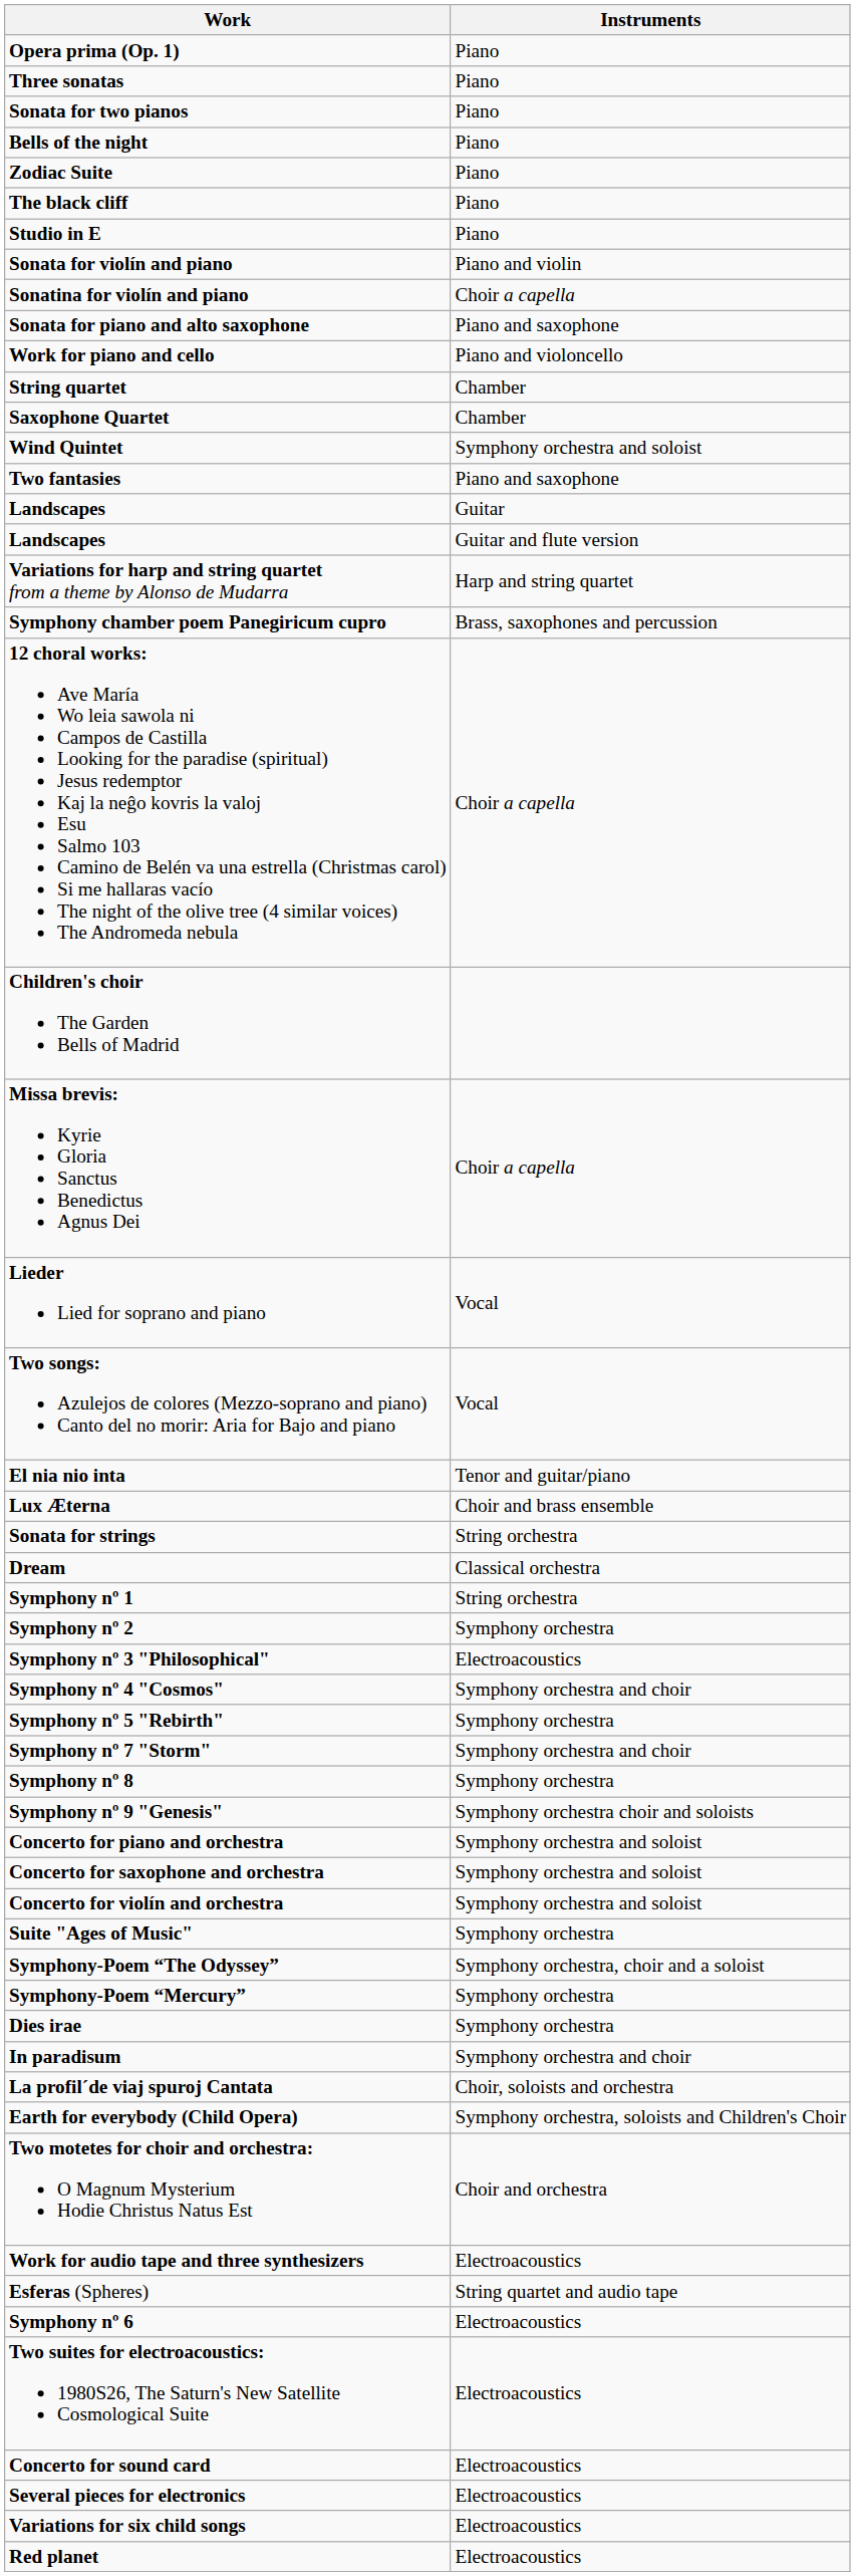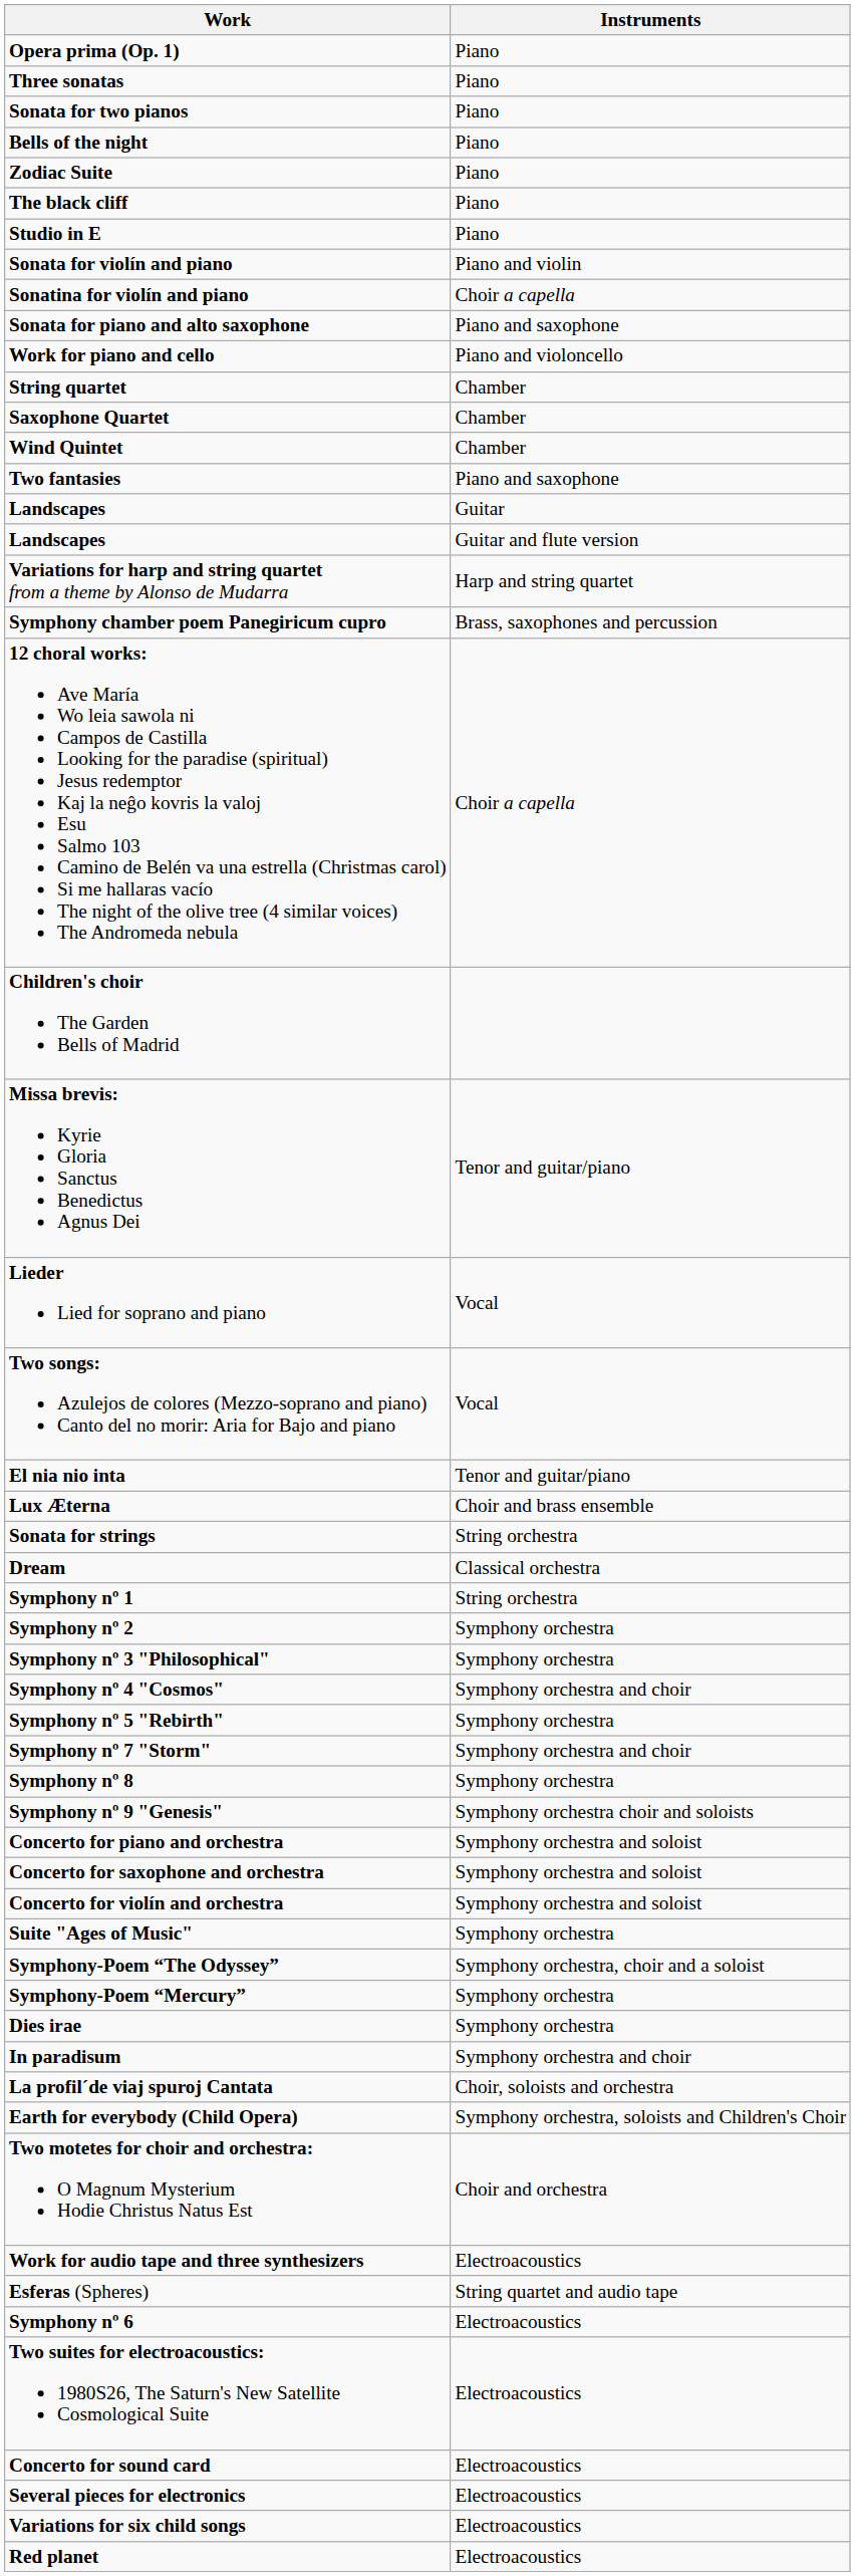 <table class="sortable wikitable">
 <tr>
 <th>Work</th>
 <th>Instruments</th>
 </tr>
 <tr>
 <td><strong>Opera prima (Op. 1)</strong></td>
 <td>Piano</td>
 </tr>
 <tr>
 <td><strong>Three sonatas</strong></td>
 <td>Piano</td>
 </tr>
 <tr>
 <td><strong>Sonata for two pianos</strong></td>
 <td>Piano</td>
 </tr>
 <tr>
 <td><strong>Bells of the night</strong></td>
 <td>Piano</td>
 </tr>
 <tr>
 <td><strong>Zodiac Suite</strong></td>
 <td>Piano</td>
 </tr>
 <tr>
 <td><strong>The black cliff</strong></td>
 <td>Piano</td>
 </tr>
 <tr>
 <td><strong>Studio in E</strong></td>
 <td>Piano</td>
 </tr>
 <tr>
 <td><strong>Sonata for violín and piano</strong></td>
 <td>Piano and violin</td>
 </tr>
 <tr>
 <td><strong>Sonatina for violín and piano</strong></td>
 <td>Choir <em>a capella</em></td>
 </tr>
 <tr>
 <td><strong>Sonata for piano and alto saxophone</strong></td>
 <td>Piano and saxophone</td>
 </tr>
 <tr>
 <td><strong>Work for piano and cello</strong></td>
 <td>Piano and violoncello</td>
 </tr>
 <tr>
 <td><strong>String quartet</strong></td>
 <td>Chamber</td>
 </tr>
 <tr>
 <td><strong>Saxophone Quartet</strong></td>
 <td>Chamber</td>
 </tr>
 <tr>
 <td><strong>Wind Quintet</strong></td>
-<td>Symphony orchestra and soloist</td>
+<td>Chamber</td>
 </tr>
 <tr>
 <td><strong>Two fantasies</strong></td>
 <td>Piano and saxophone</td>
 </tr>
 <tr>
 <td><strong>Landscapes</strong></td>
 <td>Guitar</td>
 </tr>
 <tr>
 <td><strong>Landscapes</strong></td>
 <td>Guitar and flute version</td>
 </tr>
 <tr>
 <td><strong>Variations for harp and string quartet</strong><br><em>from a theme by Alonso de Mudarra</em></td>
 <td>Harp and string quartet</td>
 </tr>
 <tr>
 <td><strong>Symphony chamber poem Panegiricum cupro</strong></td>
 <td>Brass, saxophones and percussion</td>
 </tr>
 <tr>
 <td><strong>12 choral works:</strong><br><ul><li>Ave María</li><li>Wo leia sawola ni</li><li>Campos de Castilla</li><li>Looking for the paradise (spiritual)</li><li>Jesus redemptor</li><li>Kaj la neĝo kovris la valoj</li><li>Esu</li><li>Salmo 103</li><li>Camino de Belén va una estrella (Christmas carol)</li><li>Si me hallaras vacío</li><li>The night of the olive tree (4 similar voices)</li><li>The Andromeda nebula</li></ul></td>
 <td>Choir <em>a capella</em></td>
 </tr>
 <tr>
 <td><strong>Children's choir</strong><br><ul><li>The Garden</li><li>Bells of Madrid</li></ul></td>
 </tr>
 <tr>
 <td><strong>Missa brevis:</strong><br><ul><li>Kyrie</li><li>Gloria</li><li>Sanctus</li><li>Benedictus</li><li>Agnus Dei</li></ul></td>
-<td>Choir <em>a capella</em></td>
+<td>Tenor and guitar/piano</td>
 </tr>
 <tr>
 <td><strong>Lieder</strong><br><ul><li>Lied for soprano and piano</li></ul></td>
 <td>Vocal</td>
 </tr>
 <tr>
 <td><strong>Two songs:</strong><br><ul><li>Azulejos de colores (Mezzo-soprano and piano)</li><li>Canto del no morir: Aria for Bajo and piano</li></ul></td>
 <td>Vocal</td>
 </tr>
 <tr>
 <td><strong>El nia nio inta</strong></td>
 <td>Tenor and guitar/piano</td>
 </tr>
 <tr>
 <td><strong>Lux Æterna</strong></td>
 <td>Choir and brass ensemble</td>
 </tr>
 <tr>
 <td><strong>Sonata for strings</strong></td>
 <td>String orchestra</td>
 </tr>
 <tr>
 <td><strong>Dream</strong></td>
 <td>Classical orchestra</td>
 </tr>
 <tr>
 <td><strong>Symphony nº 1</strong></td>
 <td>String orchestra</td>
 </tr>
 <tr>
 <td><strong>Symphony nº 2</strong></td>
 <td>Symphony orchestra</td>
 </tr>
 <tr>
 <td><strong>Symphony nº 3 "Philosophical"</strong></td>
-<td>Electroacoustics</td>
+<td>Symphony orchestra</td>
 </tr>
 <tr>
 <td><strong>Symphony nº 4 "Cosmos"</strong></td>
 <td>Symphony orchestra and choir</td>
 </tr>
 <tr>
 <td><strong>Symphony nº 5 "Rebirth"</strong></td>
 <td>Symphony orchestra</td>
 </tr>
 <tr>
 <td><strong>Symphony nº 7 "Storm"</strong></td>
 <td>Symphony orchestra and choir</td>
 </tr>
 <tr>
 <td><strong>Symphony nº 8</strong></td>
 <td>Symphony orchestra</td>
 </tr>
 <tr>
 <td><strong>Symphony nº 9 "Genesis"</strong></td>
 <td>Symphony orchestra choir and soloists</td>
 </tr>
 <tr>
 <td><strong>Concerto for piano and orchestra</strong></td>
 <td>Symphony orchestra and soloist</td>
 </tr>
 <tr>
 <td><strong>Concerto for saxophone and orchestra</strong></td>
 <td>Symphony orchestra and soloist</td>
 </tr>
 <tr>
 <td><strong>Concerto for violín and orchestra</strong></td>
 <td>Symphony orchestra and soloist</td>
 </tr>
 <tr>
 <td><strong>Suite "Ages of Music" </strong></td>
 <td>Symphony orchestra</td>
 </tr>
 <tr>
 <td><strong>Symphony-Poem “The Odyssey”</strong></td>
 <td>Symphony orchestra, choir and a soloist</td>
 </tr>
 <tr>
 <td><strong>Symphony-Poem “Mercury”</strong></td>
 <td>Symphony orchestra</td>
 </tr>
 <tr>
 <td><strong>Dies irae</strong></td>
 <td>Symphony orchestra</td>
 </tr>
 <tr>
 <td><strong>In paradisum</strong></td>
 <td>Symphony orchestra and choir</td>
 </tr>
 <tr>
 <td><strong>La profil´de viaj spuroj Cantata</strong></td>
 <td>Choir, soloists and orchestra</td>
 </tr>
 <tr>
 <td><strong>Earth for everybody (Child Opera)</strong></td>
 <td>Symphony orchestra, soloists and Children's Choir</td>
 </tr>
 <tr>
 <td><strong>Two motetes for choir and orchestra:</strong><br><ul><li>O Magnum Mysterium</li><li>Hodie Christus Natus Est</li></ul></td>
 <td>Choir and orchestra</td>
 </tr>
 <tr>
 <td><strong>Work for audio tape and three synthesizers</strong></td>
 <td>Electroacoustics</td>
 </tr>
 <tr>
 <td><strong>Esferas</strong> (Spheres)</td>
 <td>String quartet and audio tape</td>
 </tr>
 <tr>
 <td><strong>Symphony nº 6</strong></td>
 <td>Electroacoustics</td>
 </tr>
 <tr>
 <td><strong>Two suites for electroacoustics:</strong><br><ul><li>1980S26, The Saturn's New Satellite</li><li>Cosmological Suite</li></ul></td>
 <td>Electroacoustics</td>
 </tr>
 <tr>
 <td><strong>Concerto for sound card</strong></td>
 <td>Electroacoustics</td>
 </tr>
 <tr>
 <td><strong>Several pieces for electronics</strong></td>
 <td>Electroacoustics</td>
 </tr>
 <tr>
 <td><strong>Variations for six child songs</strong></td>
 <td>Electroacoustics</td>
 </tr>
 <tr>
 <td><strong>Red planet</strong></td>
 <td>Electroacoustics</td>
 </tr>
 <tr>
 </tr>
 </table>
